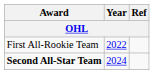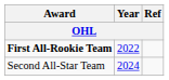 <table class="wikitable">
 <tr>
 <th>Award</th>
 <th>Year</th>
 <th>Ref</th>
 </tr>
 <tr>
 <th colspan="3"><a href='#'>OHL</a></th>
 </tr>
 <tr>
-<td>First All-Rookie Team</td>
+<td><strong>First All-Rookie Team</strong></td>
 <td><a href='#'>2022</a></td>
 <td></td>
 </tr>
 <tr>
-<td><strong>Second All-Star Team</strong></td>
+<td>Second All-Star Team</td>
 <td><a href='#'>2024</a></td>
 <td></td>
 </tr>
 </table>
